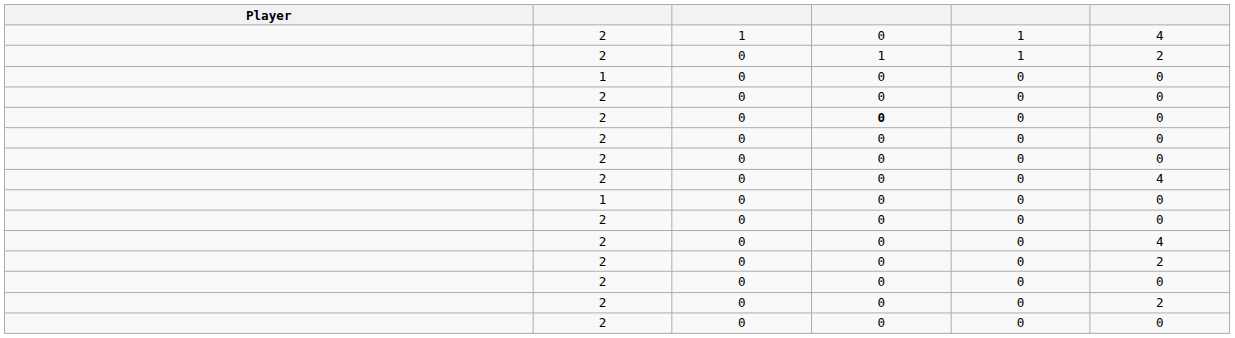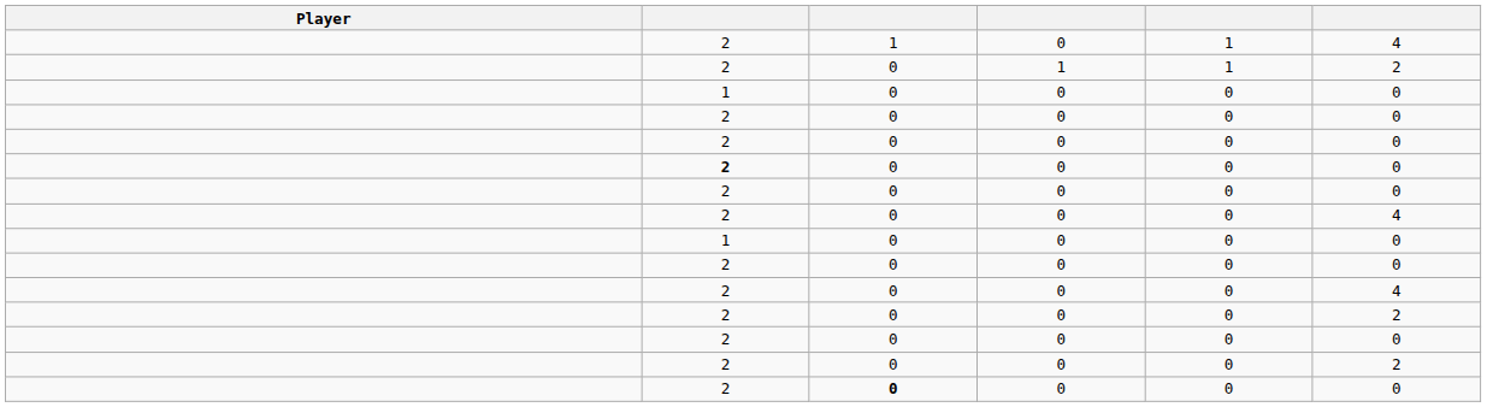 <table class="wikitable sortable" style="width:100%;">
 <tr align=center>
 <th>Player</th>
 <th></th>
 <th></th>
 <th></th>
 <th></th>
 <th></th>
 </tr>
 <tr align=center>
 <td></td>
 <td>2</td>
 <td>1</td>
 <td>0</td>
 <td>1</td>
 <td>4</td>
 </tr>
 <tr align=center>
 <td></td>
 <td>2</td>
 <td>0</td>
 <td>1</td>
 <td>1</td>
 <td>2</td>
 </tr>
 <tr align=center>
 <td></td>
 <td>1</td>
 <td>0</td>
 <td>0</td>
 <td>0</td>
 <td>0</td>
 </tr>
 <tr align=center>
 <td></td>
 <td>2</td>
 <td>0</td>
 <td>0</td>
 <td>0</td>
 <td>0</td>
 </tr>
 <tr align=center>
 <td></td>
 <td>2</td>
 <td>0</td>
-<td><strong>0</strong></td>
+<td>0</td>
 <td>0</td>
 <td>0</td>
 </tr>
 <tr align=center>
 <td></td>
-<td>2</td>
+<td><strong>2</strong></td>
 <td>0</td>
 <td>0</td>
 <td>0</td>
 <td>0</td>
 </tr>
 <tr align=center>
 <td></td>
 <td>2</td>
 <td>0</td>
 <td>0</td>
 <td>0</td>
 <td>0</td>
 </tr>
 <tr align=center>
 <td></td>
 <td>2</td>
 <td>0</td>
 <td>0</td>
 <td>0</td>
 <td>4</td>
 </tr>
 <tr align=center>
 <td></td>
 <td>1</td>
 <td>0</td>
 <td>0</td>
 <td>0</td>
 <td>0</td>
 </tr>
 <tr align=center>
 <td></td>
 <td>2</td>
 <td>0</td>
 <td>0</td>
 <td>0</td>
 <td>0</td>
 </tr>
 <tr align=center>
 <td></td>
 <td>2</td>
 <td>0</td>
 <td>0</td>
 <td>0</td>
 <td>4</td>
 </tr>
 <tr align=center>
 <td></td>
 <td>2</td>
 <td>0</td>
 <td>0</td>
 <td>0</td>
 <td>2</td>
 </tr>
 <tr align=center>
 <td></td>
 <td>2</td>
 <td>0</td>
 <td>0</td>
 <td>0</td>
 <td>0</td>
 </tr>
 <tr align=center>
 <td></td>
 <td>2</td>
 <td>0</td>
 <td>0</td>
 <td>0</td>
 <td>2</td>
 </tr>
 <tr align=center>
 <td></td>
 <td>2</td>
-<td>0</td>
+<td><strong>0</strong></td>
 <td>0</td>
 <td>0</td>
 <td>0</td>
 </tr>
 </table>
